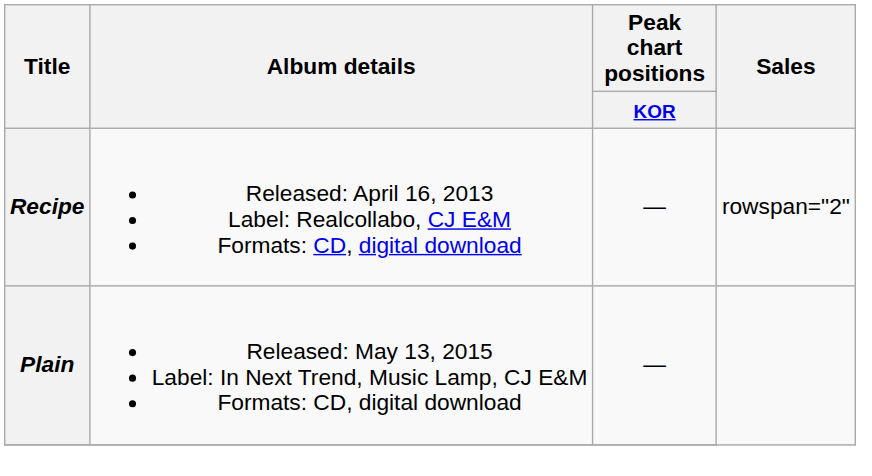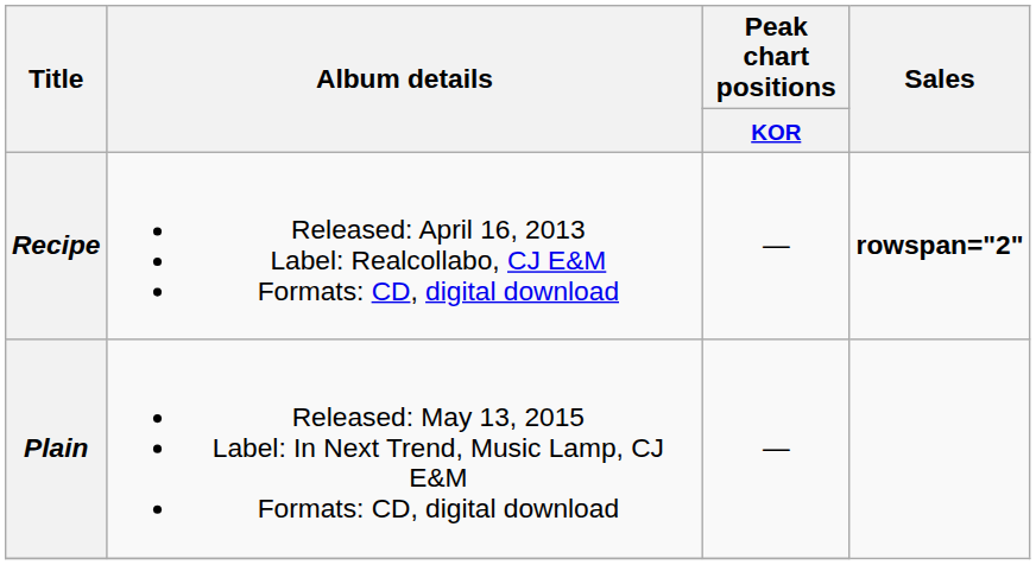 <table class="wikitable plainrowheaders" style="text-align:center;">
 <tr>
 <th scope="col" rowspan="2">Title</th>
 <th scope="col" rowspan="2">Album details</th>
 <th scope="col" colspan="1" style="width:5em;">Peak chart positions</th>
 <th scope="col" rowspan="2">Sales</th>
 </tr>
 <tr>
 <th><small><a href='#'>KOR</a></small><br></th>
 </tr>
 <tr>
 <th scope="row"><em>Recipe</em></th>
 <td><br><ul><li>Released: April 16, 2013</li><li>Label: Realcollabo, <a href='#'>CJ E&M</a></li><li>Formats: <a href='#'>CD</a>, <a href='#'>digital download</a></li></ul></td>
 <td>—</td>
-<td>rowspan="2" </td>
+<td><strong>rowspan="2" </strong></td>
 </tr>
 <tr>
 <th scope="row"><em>Plain</em></th>
 <td><br><ul><li>Released: May 13, 2015</li><li>Label: In Next Trend, Music Lamp, CJ E&M</li><li>Formats: CD, digital download</li></ul></td>
 <td>—</td>
 </tr>
 <tr>
 </tr>
 </table>
